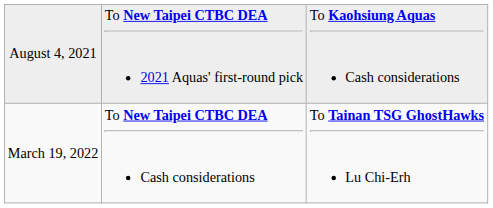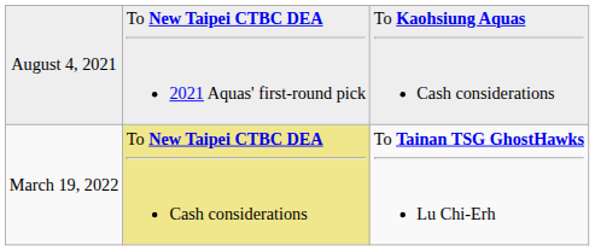 <table class="wikitable" style="text-align:center">
 <tr style="background:#eee">
 <td>August 4, 2021</td>
 <td align="left" valign="top">To <strong><a href='#'>New Taipei CTBC DEA</a></strong><hr><br><ul><li><a href='#'>2021</a> Aquas' first-round pick</li></ul></td>
 <td align="left" valign="top">To <strong><a href='#'>Kaohsiung Aquas</a></strong><hr><br><ul><li>Cash considerations</li></ul></td>
 </tr>
 <tr>
 <td>March 19, 2022</td>
-<td align="left" valign="top">To <strong><a href='#'>New Taipei CTBC DEA</a></strong><hr><br><ul><li>Cash considerations</li></ul></td>
+<td align="left" valign="top" style="background: khaki;">To <strong><a href='#'>New Taipei CTBC DEA</a></strong><hr><br><ul><li>Cash considerations</li></ul></td>
 <td align="left" valign="top">To <strong><a href='#'>Tainan TSG GhostHawks</a></strong><hr><br><ul><li>Lu Chi-Erh</li></ul></td>
 </tr>
 </table>
